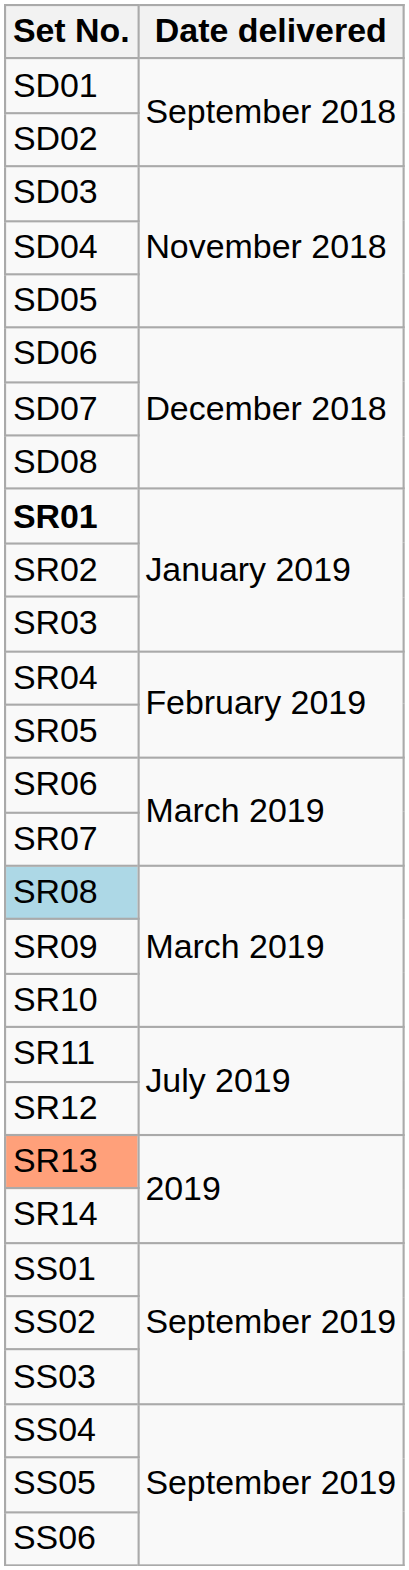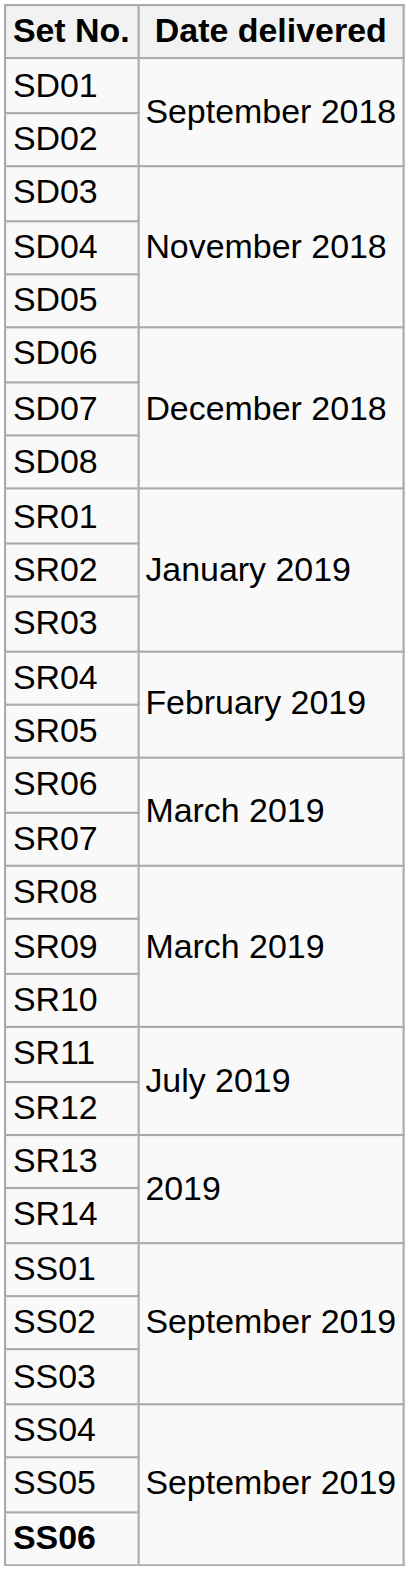 <table class="wikitable">
 <tr>
 <th>Set No.</th>
 <th>Date delivered</th>
 </tr>
 <tr>
 <td>SD01</td>
 <td rowspan="2">September 2018</td>
 </tr>
 <tr>
 <td>SD02</td>
 </tr>
 <tr>
 <td>SD03</td>
 <td rowspan="3">November 2018</td>
 </tr>
 <tr>
 <td>SD04</td>
 </tr>
 <tr>
 <td>SD05</td>
 </tr>
 <tr>
 <td>SD06</td>
 <td rowspan="3">December 2018</td>
 </tr>
 <tr>
 <td>SD07</td>
 </tr>
 <tr>
 <td>SD08</td>
 </tr>
 <tr>
-<td><strong>SR01</strong></td>
+<td>SR01</td>
 <td rowspan="3">January 2019</td>
 </tr>
 <tr>
 <td>SR02</td>
 </tr>
 <tr>
 <td>SR03</td>
 </tr>
 <tr>
 <td>SR04</td>
 <td rowspan="2">February 2019</td>
 </tr>
 <tr>
 <td>SR05</td>
 </tr>
 <tr>
 <td>SR06</td>
 <td rowspan="2">March 2019</td>
 </tr>
 <tr>
 <td>SR07</td>
 </tr>
 <tr>
-<td style="background: lightblue;">SR08</td>
+<td>SR08</td>
 <td rowspan="3">March 2019</td>
 </tr>
 <tr>
 <td>SR09</td>
 </tr>
 <tr>
 <td>SR10</td>
 </tr>
 <tr>
 <td>SR11</td>
 <td rowspan="2">July 2019</td>
 </tr>
 <tr>
 <td>SR12</td>
 </tr>
 <tr>
-<td style="background: lightsalmon;">SR13</td>
+<td>SR13</td>
 <td rowspan="2">2019</td>
 </tr>
 <tr>
 <td>SR14</td>
 </tr>
 <tr>
 <td>SS01</td>
 <td rowspan="3">September 2019</td>
 </tr>
 <tr>
 <td>SS02</td>
 </tr>
 <tr>
 <td>SS03</td>
 </tr>
 <tr>
 <td>SS04</td>
 <td rowspan="3">September 2019</td>
 </tr>
 <tr>
 <td>SS05</td>
 </tr>
 <tr>
-<td>SS06</td>
+<td><strong>SS06</strong></td>
 </tr>
 </table>
